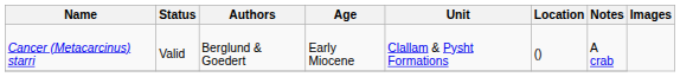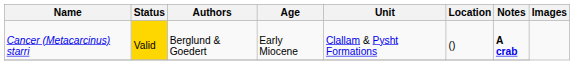 <table class="wikitable sortable" align="center" width="100%">
 <tr>
 <th>Name</th>
 <th>Status</th>
 <th>Authors</th>
 <th>Age</th>
 <th>Unit</th>
 <th>Location</th>
 <th>Notes</th>
 <th>Images</th>
 </tr>
 <tr>
 <td><br><em><a href='#'>Cancer (Metacarcinus) starri</a></em></td>
-<td><br>Valid</td>
+<td style="background: gold;"><br>Valid</td>
 <td><br>Berglund & Goedert</td>
 <td><br>Early Miocene</td>
 <td><br><a href='#'>Clallam</a> & <a href='#'>Pysht Formations</a></td>
 <td><br> ()</td>
-<td><br>A <a href='#'>crab</a></td>
+<td><strong><br>A <a href='#'>crab</a></strong></td>
 <td rowspan="47"></td>
 </tr>
 <tr>
 </tr>
 </table>
